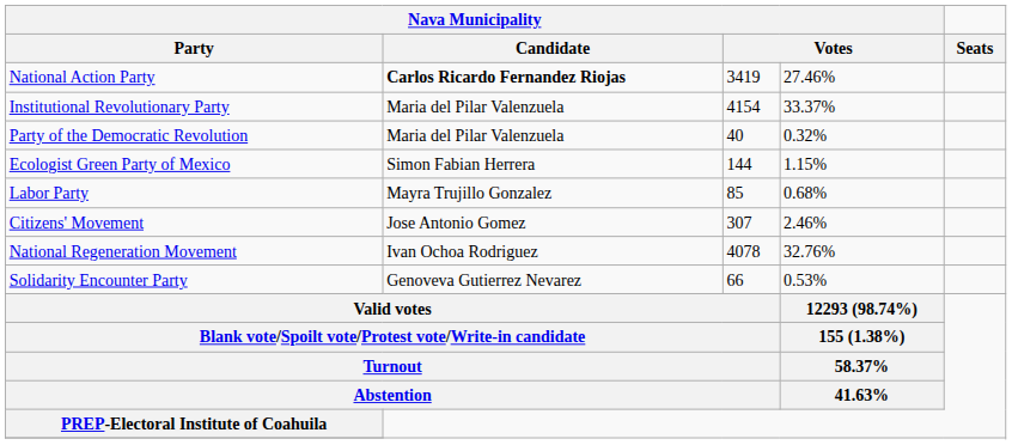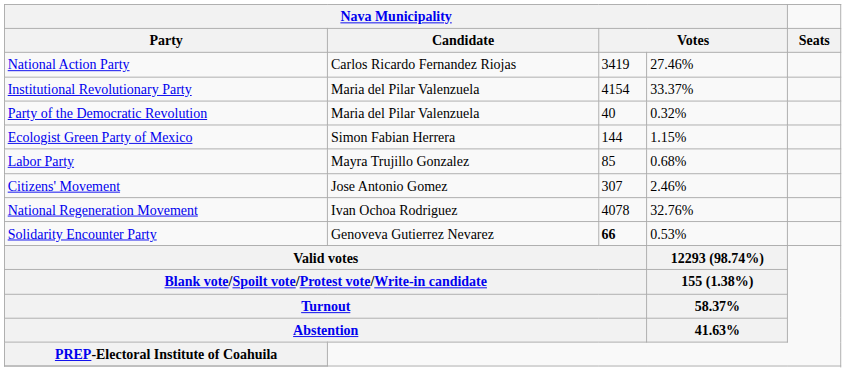 <table class="wikitable collapsible collapsed" style="font-size:95%; width:72%; line-height:126%; margin-bottom:0">
 <tr>
 <th Colspan = 4><strong><a href='#'>Nava Municipality</a></strong></th>
 </tr>
 <tr style="background:#efefef;">
 <th Colspan = 1><strong>Party</strong></th>
 <th Colspan = 1><strong>Candidate</strong></th>
 <th Colspan = 2><strong>Votes</strong></th>
 <th Colspan = 1><strong>Seats</strong></th>
 </tr>
 <tr>
 <td> <a href='#'>National Action Party</a></td>
-<td><strong>Carlos Ricardo Fernandez Riojas</strong></td>
+<td>Carlos Ricardo Fernandez Riojas</td>
 <td>3419</td>
 <td>27.46%</td>
 <td></td>
 </tr>
 <tr>
 <td> <a href='#'>Institutional Revolutionary Party</a></td>
 <td>Maria del Pilar Valenzuela</td>
 <td>4154</td>
 <td>33.37%</td>
 <td></td>
 </tr>
 <tr>
 <td> <a href='#'>Party of the Democratic Revolution</a></td>
 <td>Maria del Pilar Valenzuela</td>
 <td>40</td>
 <td>0.32%</td>
 <td></td>
 </tr>
 <tr>
 <td> <a href='#'>Ecologist Green Party of Mexico</a></td>
 <td>Simon Fabian Herrera</td>
 <td>144</td>
 <td>1.15%</td>
 <td></td>
 </tr>
 <tr>
 <td> <a href='#'>Labor Party</a></td>
 <td>Mayra Trujillo Gonzalez</td>
 <td>85</td>
 <td>0.68%</td>
 <td></td>
 </tr>
 <tr>
 <td> <a href='#'>Citizens' Movement</a></td>
 <td>Jose Antonio Gomez</td>
 <td>307</td>
 <td>2.46%</td>
 <td></td>
 </tr>
 <tr>
 <td> <a href='#'>National Regeneration Movement</a></td>
 <td>Ivan Ochoa Rodriguez</td>
 <td>4078</td>
 <td>32.76%</td>
 <td></td>
 </tr>
 <tr>
 <td> <a href='#'>Solidarity Encounter Party</a></td>
 <td>Genoveva Gutierrez Nevarez</td>
-<td>66</td>
+<td><strong>66</strong></td>
 <td>0.53%</td>
 <td></td>
 </tr>
 <tr>
 <th Colspan = 3><strong>Valid votes</strong></th>
 <th>12293 (98.74%)</th>
 </tr>
 <tr>
 <th Colspan = 3><strong><a href='#'>Blank vote</a>/<a href='#'>Spoilt vote</a>/<a href='#'>Protest vote</a>/<a href='#'>Write-in candidate</a></strong></th>
 <th>155 (1.38%)</th>
 </tr>
 <tr>
 <th Colspan = 3><strong><a href='#'>Turnout</a></strong></th>
 <th>58.37%</th>
 </tr>
 <tr>
 <th Colspan = 3><strong><a href='#'>Abstention</a></strong></th>
 <th>41.63%</th>
 </tr>
 <tr>
 <th Colspan =><a href='#'>PREP</a>-Electoral Institute of Coahuila </th>
 </tr>
 <tr>
 </tr>
 </table>
